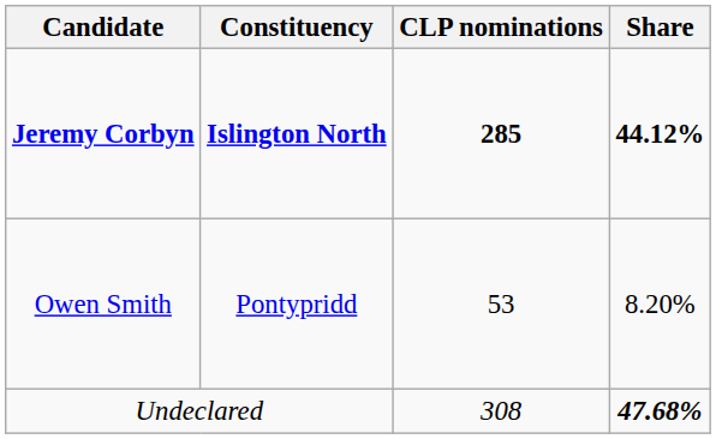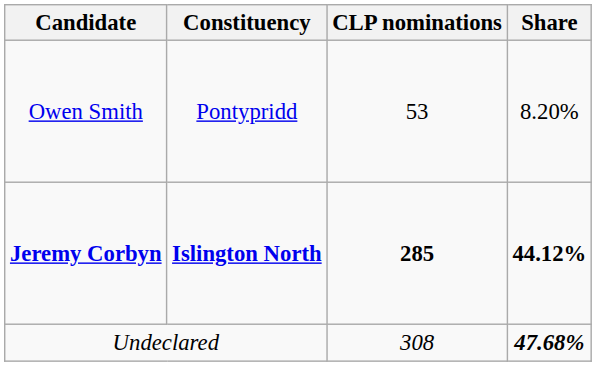 <table class ="wikitable">
 <tr>
 <th>Candidate</th>
 <th>Constituency</th>
 <th>CLP nominations</th>
 <th>Share</th>
 </tr>
 <tr style="height: 100px;">
+<td style="text-align: center;"><a href='#'>Owen Smith</a></td>
+<td style="text-align: center;"><a href='#'>Pontypridd</a></td>
+<td style="text-align: center;">53</td>
+<td style="text-align: center;">8.20%</td>
+</tr>
+<tr style="height: 100px;">
 <td style="text-align: center;"><strong><a href='#'>Jeremy Corbyn</a></strong></td>
 <td style="text-align: center;"><strong><a href='#'>Islington North</a></strong></td>
 <td style="text-align: center;"><strong>285</strong></td>
 <td style="text-align: center;"><strong>44.12%</strong></td>
-</tr>
-<tr style="height: 100px;">
-<td style="text-align: center;"><a href='#'>Owen Smith</a></td>
-<td style="text-align: center;"><a href='#'>Pontypridd</a></td>
-<td style="text-align: center;">53</td>
-<td style="text-align: center;">8.20%</td>
 </tr>
 <tr style="background-color: ">
 <td colspan="2" style="text-align: center;"><em>Undeclared</em></td>
 <td style="text-align: center;"><em>308</em></td>
 <td style="text-align: center;"><strong><em>47.68%</em></strong></td>
 </tr>
 </table>
